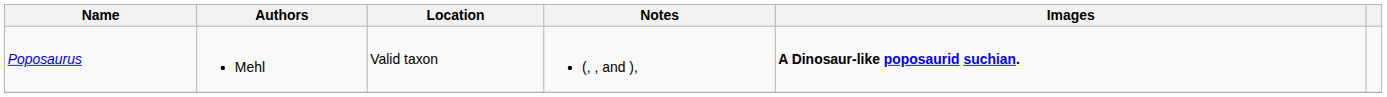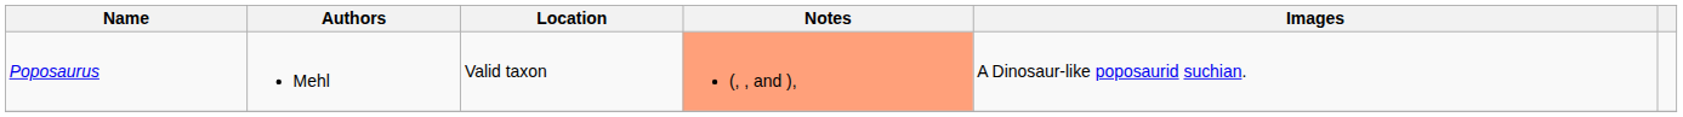 <table class="wikitable sortable" align="center" width="100%">
 <tr>
 <th>Name</th>
 <th>Authors</th>
 <th>Location</th>
 <th>Notes</th>
 <th class="unsortable">Images</th>
 <th></th>
 </tr>
 <tr>
 <td><em><a href='#'>Poposaurus</a></em></td>
 <td style="border-right:0px" valign="top"><br><ul><li>Mehl</li></ul></td>
 <td>Valid taxon</td>
-<td><br><ul><li> (, ,   and ),</li></ul></td>
-<td><strong>A Dinosaur-like <a href='#'>poposaurid</a> <a href='#'>suchian</a>.</strong></td>
+<td style="background: lightsalmon;"><br><ul><li> (, ,   and ),</li></ul></td>
+<td>A Dinosaur-like <a href='#'>poposaurid</a> <a href='#'>suchian</a>.</td>
 <td></td>
 </tr>
 <tr>
 </tr>
 </table>
